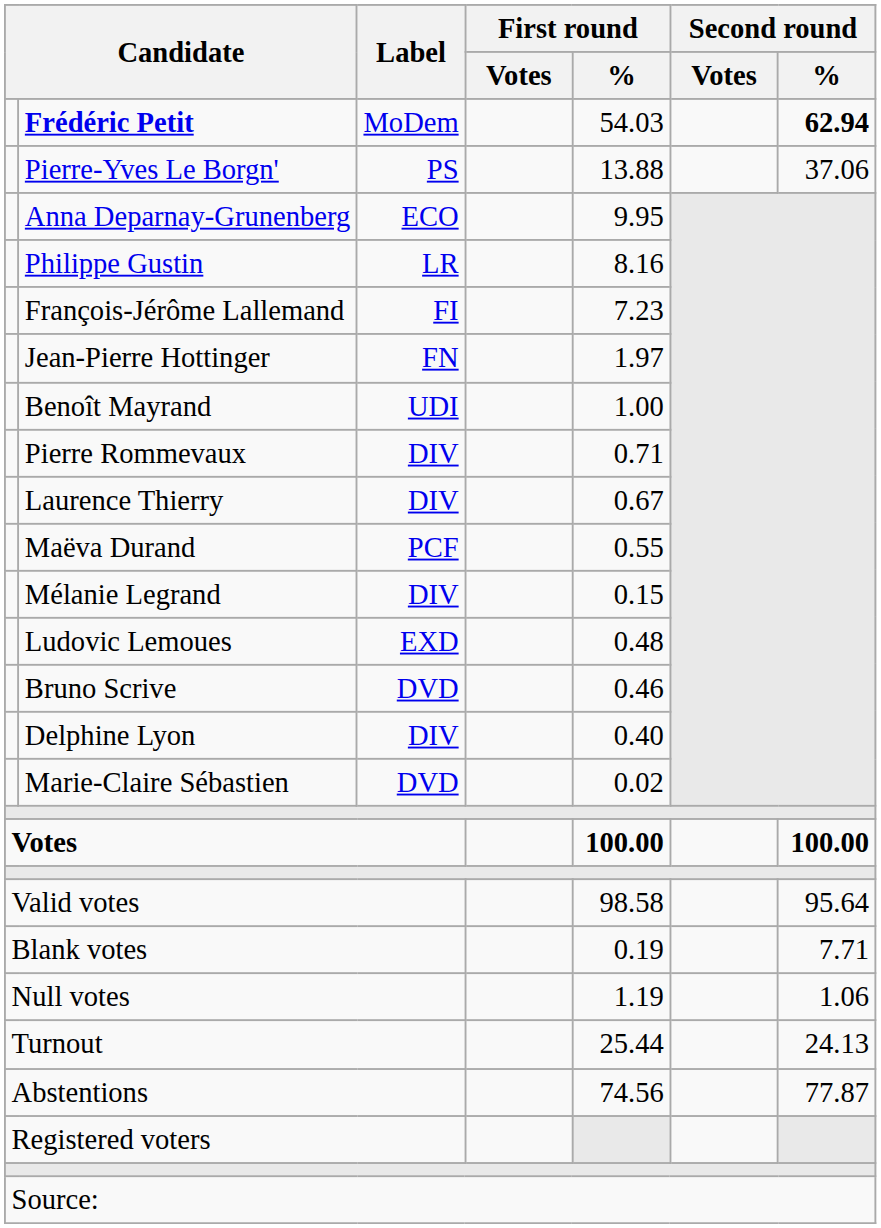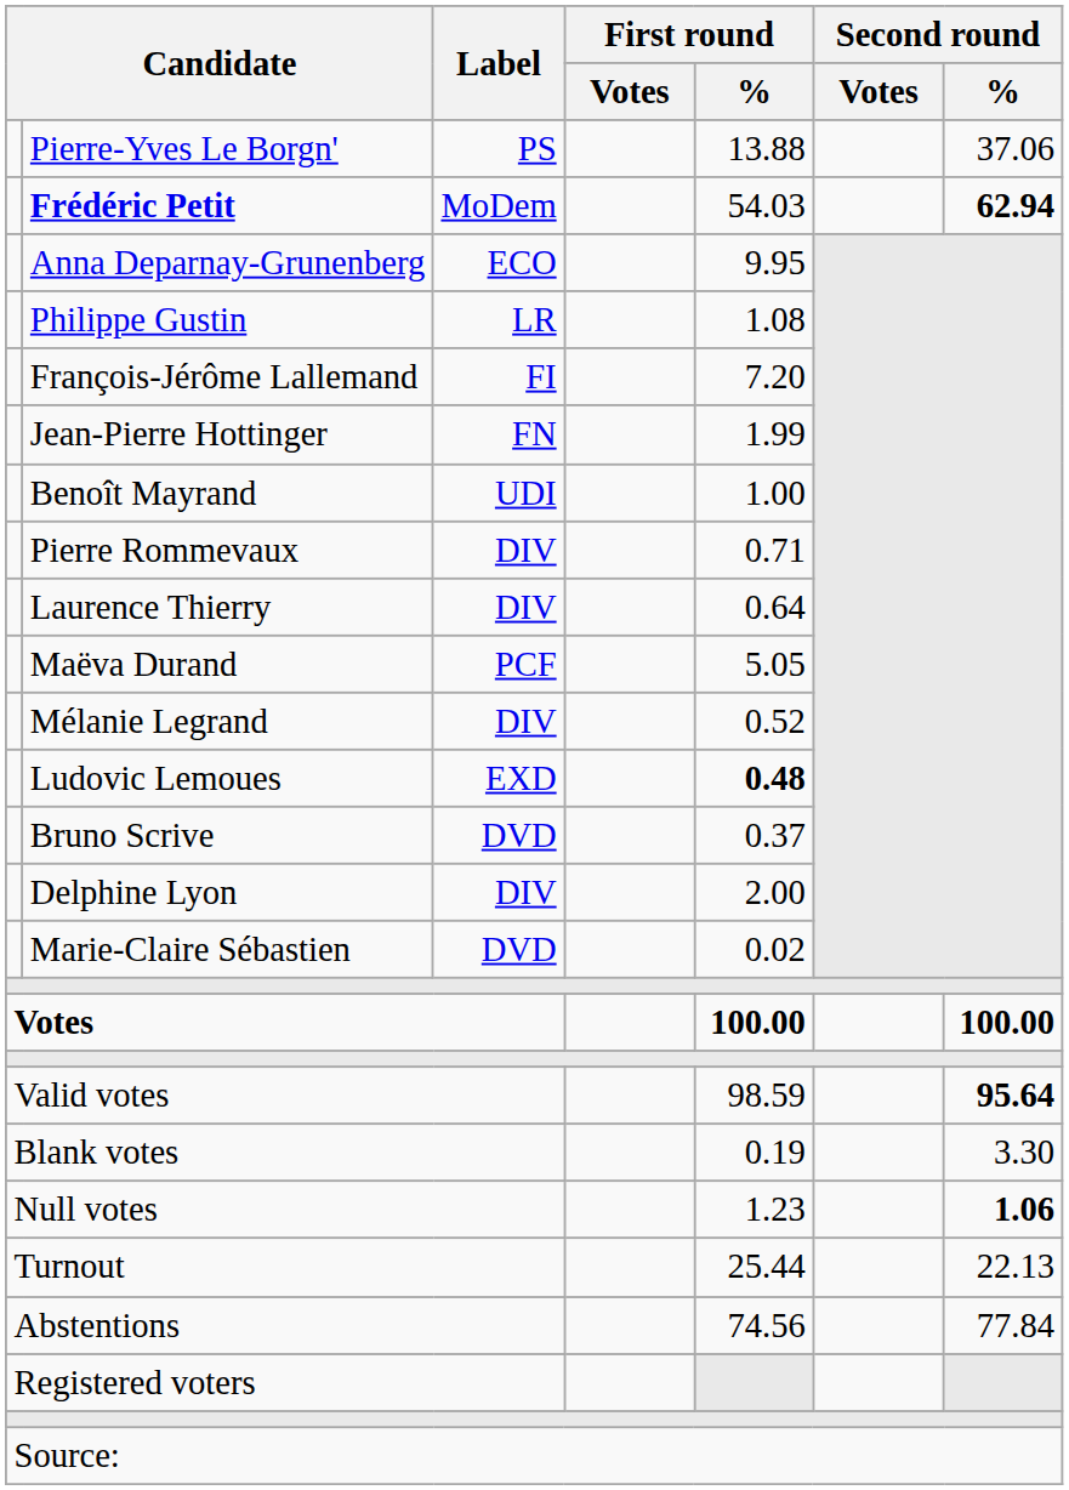 <table class="wikitable" style="text-align:right;font-size:95%;">
 <tr>
 <th colspan="2" rowspan="2">Candidate</th>
 <th rowspan="2">Label</th>
 <th colspan="2">First round</th>
 <th colspan="2">Second round</th>
 </tr>
 <tr>
 <th style="width:50px;">Votes</th>
 <th style="width:45px;">%</th>
 <th style="width:50px;">Votes</th>
 <th style="width:45px;">%</th>
 </tr>
 <tr>
 <td style="color:inherit;background:"></td>
+<td style="text-align:left;"><a href='#'>Pierre-Yves Le Borgn'</a></td>
+<td><a href='#'>PS</a></td>
+<td></td>
+<td>13.88</td>
+<td></td>
+<td>37.06</td>
+</tr>
+<tr>
+<td style="color:inherit;background:"></td>
 <td style="text-align:left;"><strong><a href='#'>Frédéric Petit</a></strong></td>
 <td><a href='#'>MoDem</a></td>
 <td></td>
 <td>54.03</td>
 <td><strong></strong></td>
 <td><strong>62.94</strong></td>
-</tr>
-<tr>
-<td style="color:inherit;background:"></td>
-<td style="text-align:left;"><a href='#'>Pierre-Yves Le Borgn'</a></td>
-<td><a href='#'>PS</a></td>
-<td></td>
-<td>13.88</td>
-<td></td>
-<td>37.06</td>
 </tr>
 <tr>
 <td style="color:inherit;background:"></td>
 <td style="text-align:left;"><a href='#'>Anna Deparnay-Grunenberg</a></td>
 <td><a href='#'>ECO</a></td>
 <td></td>
 <td>9.95</td>
 <td colspan="2" rowspan="13" style="background:#E9E9E9;"></td>
 </tr>
 <tr>
 <td style="color:inherit;background:"></td>
 <td style="text-align:left;"><a href='#'>Philippe Gustin</a></td>
 <td><a href='#'>LR</a></td>
 <td></td>
-<td>8.16</td>
+<td>1.08</td>
 </tr>
 <tr>
 <td style="color:inherit;background:"></td>
 <td style="text-align:left;">François-Jérôme Lallemand</td>
 <td><a href='#'>FI</a></td>
 <td></td>
-<td>7.23</td>
+<td>7.20</td>
 </tr>
 <tr>
 <td style="color:inherit;background:"></td>
 <td style="text-align:left;">Jean-Pierre Hottinger</td>
 <td><a href='#'>FN</a></td>
 <td></td>
-<td>1.97</td>
+<td>1.99</td>
 </tr>
 <tr>
 <td style="color:inherit;background:"></td>
 <td style="text-align:left;">Benoît Mayrand</td>
 <td><a href='#'>UDI</a></td>
 <td></td>
 <td>1.00</td>
 </tr>
 <tr>
 <td style="color:inherit;background:"></td>
 <td style="text-align:left;">Pierre Rommevaux</td>
 <td><a href='#'>DIV</a></td>
 <td></td>
 <td>0.71</td>
 </tr>
 <tr>
 <td style="color:inherit;background:"></td>
 <td style="text-align:left;">Laurence Thierry</td>
 <td><a href='#'>DIV</a></td>
 <td></td>
-<td>0.67</td>
+<td>0.64</td>
 </tr>
 <tr>
 <td style="color:inherit;background:"></td>
 <td style="text-align:left;">Maëva Durand</td>
 <td><a href='#'>PCF</a></td>
 <td></td>
-<td>0.55</td>
+<td>5.05</td>
 </tr>
 <tr>
 <td style="color:inherit;background:"></td>
 <td style="text-align:left;">Mélanie Legrand</td>
 <td><a href='#'>DIV</a></td>
 <td></td>
-<td>0.15</td>
+<td>0.52</td>
 </tr>
 <tr>
 <td style="color:inherit;background:"></td>
 <td style="text-align:left;">Ludovic Lemoues</td>
 <td><a href='#'>EXD</a></td>
 <td></td>
-<td>0.48</td>
+<td><strong>0.48</strong></td>
 </tr>
 <tr>
 <td style="color:inherit;background:"></td>
 <td style="text-align:left;">Bruno Scrive</td>
 <td><a href='#'>DVD</a></td>
 <td></td>
-<td>0.46</td>
+<td>0.37</td>
 </tr>
 <tr>
 <td style="color:inherit;background:"></td>
 <td style="text-align:left;">Delphine Lyon</td>
 <td><a href='#'>DIV</a></td>
 <td></td>
-<td>0.40</td>
+<td>2.00</td>
 </tr>
 <tr>
 <td style="color:inherit;background:"></td>
 <td style="text-align:left;">Marie-Claire Sébastien</td>
 <td><a href='#'>DVD</a></td>
 <td></td>
 <td>0.02</td>
 </tr>
 <tr>
 <td colspan="7" style="background:#E9E9E9;"></td>
 </tr>
 <tr style="font-weight:bold;">
 <td colspan="3" style="text-align:left;">Votes</td>
 <td></td>
 <td>100.00</td>
 <td></td>
 <td>100.00</td>
 </tr>
 <tr>
 <td colspan="7" style="background:#E9E9E9;"></td>
 </tr>
 <tr>
 <td colspan="3" style="text-align:left;">Valid votes</td>
 <td></td>
-<td>98.58</td>
+<td>98.59</td>
 <td></td>
-<td>95.64</td>
+<td><strong>95.64</strong></td>
 </tr>
 <tr>
 <td colspan="3" style="text-align:left;">Blank votes</td>
 <td></td>
 <td>0.19</td>
 <td></td>
-<td>7.71</td>
+<td>3.30</td>
 </tr>
 <tr>
 <td colspan="3" style="text-align:left;">Null votes</td>
 <td></td>
-<td>1.19</td>
+<td>1.23</td>
 <td></td>
-<td>1.06</td>
+<td><strong>1.06</strong></td>
 </tr>
 <tr>
 <td colspan="3" style="text-align:left;">Turnout</td>
 <td></td>
 <td>25.44</td>
 <td></td>
-<td>24.13</td>
+<td>22.13</td>
 </tr>
 <tr>
 <td colspan="3" style="text-align:left;">Abstentions</td>
 <td></td>
 <td>74.56</td>
 <td></td>
-<td>77.87</td>
+<td>77.84</td>
 </tr>
 <tr>
 <td colspan="3" style="text-align:left;">Registered voters</td>
 <td></td>
 <td style="background:#E9E9E9;"></td>
 <td></td>
 <td style="background:#E9E9E9;"></td>
 </tr>
 <tr>
 <td colspan="7" style="background:#E9E9E9;"></td>
 </tr>
 <tr>
 <td colspan="7" style="text-align:left;">Source: </td>
 </tr>
 </table>
